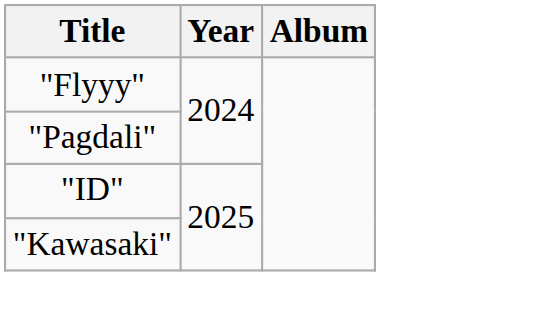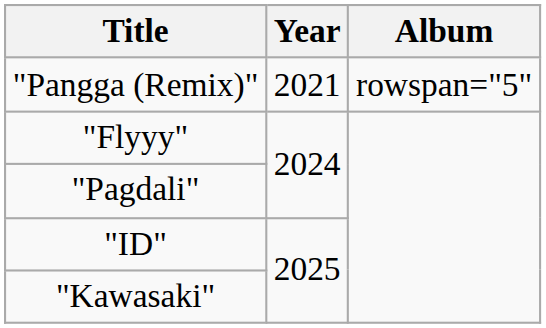 <table class="wikitable plainrowheaders" style="text-align:center;">
 <tr>
 <th scope="col">Title</th>
 <th scope="col">Year</th>
 <th scope="col">Album</th>
+</tr>
+<tr>
+<td scope="row">"Pangga (Remix)"<br></td>
+<td>2021</td>
+<td>rowspan="5" </td>
 </tr>
 <tr>
 <td scope="row">"Flyyy"<br></td>
 <td rowspan="2">2024</td>
 </tr>
 <tr>
 <td scope="row">"Pagdali"<br></td>
 </tr>
 <tr>
 <td>"ID"<br></td>
 <td rowspan="2">2025</td>
 </tr>
 <tr>
 <td>"Kawasaki"<br></td>
 </tr>
 </table>
